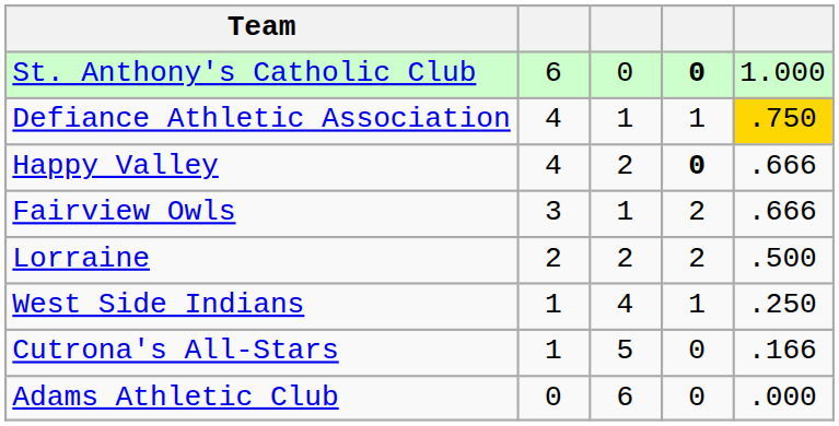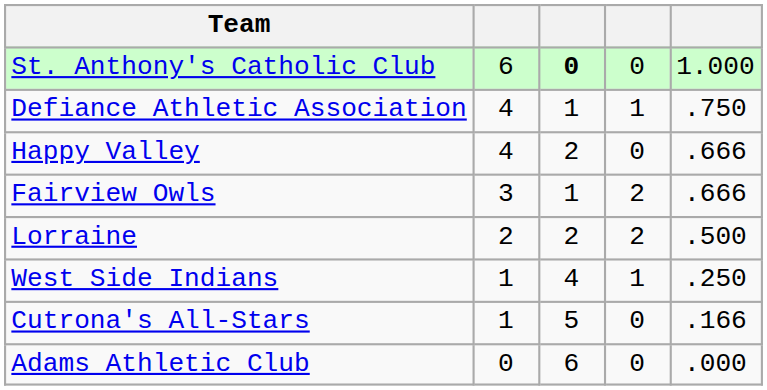 <table class="wikitable" style="font-size:95%; text-align:center">
 <tr>
 <th>Team</th>
 <th width="25"></th>
 <th width="25"></th>
 <th width="25"></th>
 <th width="30"></th>
 </tr>
 <tr style="background:#cfc;">
 <td style="text-align:left;"><a href='#'>St. Anthony's Catholic Club</a></td>
 <td>6</td>
+<td><strong>0</strong></td>
 <td>0</td>
-<td><strong>0</strong></td>
 <td>1.000</td>
 </tr>
 <tr>
 <td style="text-align:left;"><a href='#'>Defiance Athletic Association</a></td>
 <td>4</td>
 <td>1</td>
 <td>1</td>
-<td style="background: gold;">.750</td>
+<td>.750</td>
 </tr>
 <tr>
 <td style="text-align:left;"><a href='#'>Happy Valley</a></td>
 <td>4</td>
 <td>2</td>
-<td><strong>0</strong></td>
+<td>0</td>
 <td>.666</td>
 </tr>
 <tr>
 <td style="text-align:left;"><a href='#'>Fairview Owls</a></td>
 <td>3</td>
 <td>1</td>
 <td>2</td>
 <td>.666</td>
 </tr>
 <tr>
 <td style="text-align:left;"><a href='#'>Lorraine</a></td>
 <td>2</td>
 <td>2</td>
 <td>2</td>
 <td>.500</td>
 </tr>
 <tr>
 <td style="text-align:left;"><a href='#'>West Side Indians</a></td>
 <td>1</td>
 <td>4</td>
 <td>1</td>
 <td>.250</td>
 </tr>
 <tr>
 <td style="text-align:left;"><a href='#'>Cutrona's All-Stars</a></td>
 <td>1</td>
 <td>5</td>
 <td>0</td>
 <td>.166</td>
 </tr>
 <tr>
 <td style="text-align:left;"><a href='#'>Adams Athletic Club</a></td>
 <td>0</td>
 <td>6</td>
 <td>0</td>
 <td>.000</td>
 </tr>
 </table>
